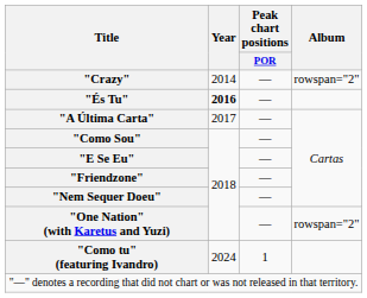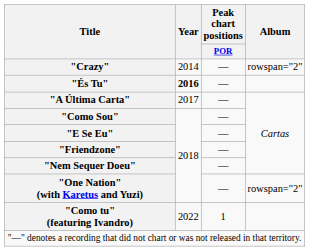 <table class="wikitable plainrowheaders" style="text-align:center;" border="1">
 <tr>
 <th scope="col" rowspan="2" style="width:16em;">Title</th>
 <th scope="col" rowspan="2">Year</th>
 <th scope="col">Peak chart positions</th>
 <th scope="col" rowspan="2">Album</th>
 </tr>
 <tr>
 <th scope="col" style="width:3em;font-size:85%;"><a href='#'>POR</a><br></th>
 </tr>
 <tr>
 <th scope="row">"Crazy"</th>
 <td>2014</td>
 <td>—</td>
 <td>rowspan="2" </td>
 </tr>
 <tr>
 <th scope="row">"És Tu"</th>
 <td><strong>2016</strong></td>
 <td>—</td>
 </tr>
 <tr>
 <th scope="row">"A Última Carta"</th>
 <td>2017</td>
 <td>—</td>
 <td rowspan="5"><em>Cartas</em></td>
 </tr>
 <tr>
 <th scope="row">"Como Sou"</th>
 <td rowspan="5">2018</td>
 <td>—</td>
 </tr>
 <tr>
 <th scope="row">"E Se Eu"</th>
 <td>—</td>
 </tr>
 <tr>
 <th scope="row">"Friendzone"</th>
 <td>—</td>
 </tr>
 <tr>
 <th scope="row">"Nem Sequer Doeu"</th>
 <td>—</td>
 </tr>
 <tr>
 <th scope="row">"One Nation"<br><span>(with <a href='#'>Karetus</a> and Yuzi)</span></th>
 <td>—</td>
 <td>rowspan="2" </td>
 </tr>
 <tr>
 <th scope="row">"Como tu"<br><span>(featuring Ivandro)</span></th>
-<td>2024</td>
+<td>2022</td>
 <td>1</td>
 </tr>
 <tr>
 <td colspan="4" style="font-size:90%">"—" denotes a recording that did not chart or was not released in that territory.</td>
 </tr>
 </table>
